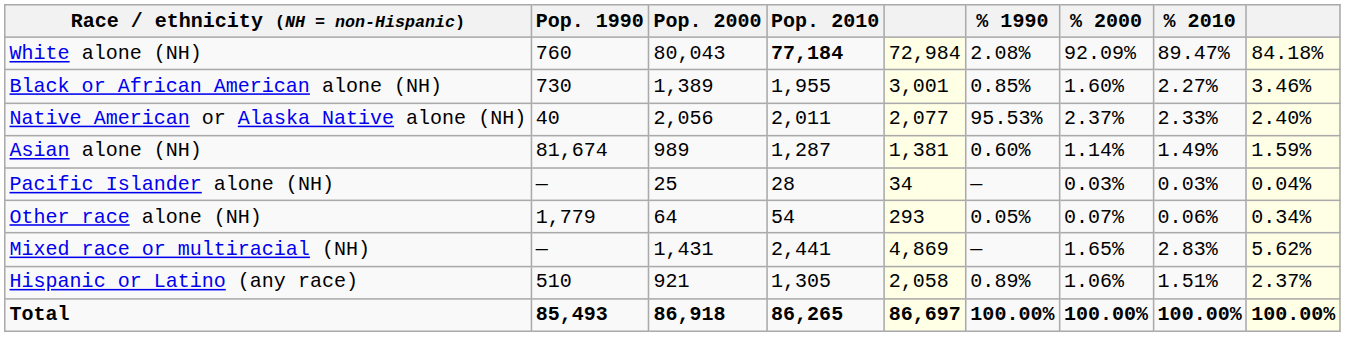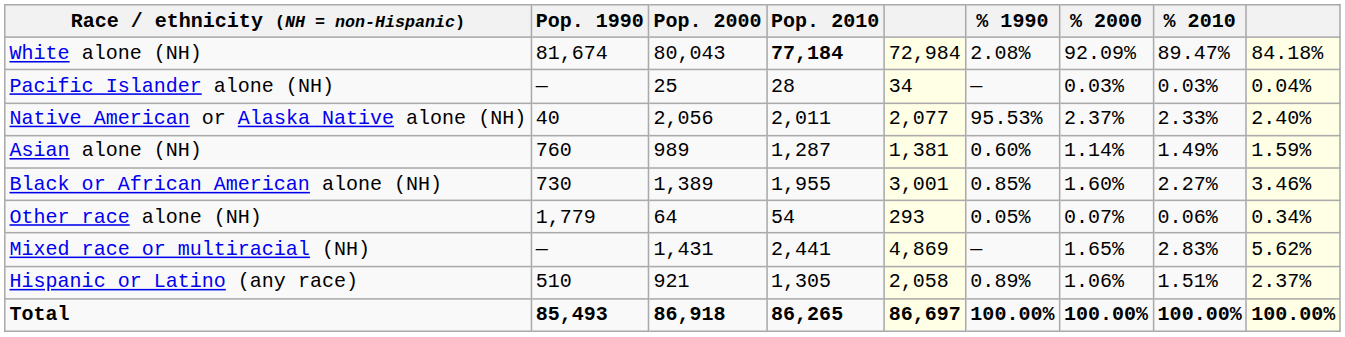 <table class="wikitable">
 <tr>
 <th>Race / ethnicity <small>(<em>NH = non-Hispanic</em>)</small></th>
 <th>Pop. 1990</th>
 <th>Pop. 2000</th>
 <th>Pop. 2010</th>
 <th></th>
 <th>% 1990</th>
 <th>% 2000</th>
 <th>% 2010</th>
 <th></th>
 </tr>
 <tr>
 <td><a href='#'>White</a> alone (NH)</td>
-<td>760</td>
+<td>81,674</td>
 <td>80,043</td>
 <td><strong>77,184</strong></td>
 <td style='background: #ffffe6;'>72,984</td>
 <td>2.08%</td>
 <td>92.09%</td>
 <td>89.47%</td>
 <td style='background: #ffffe6;'>84.18%</td>
 </tr>
 <tr>
-<td><a href='#'>Black or African American</a> alone (NH)</td>
-<td>730</td>
-<td>1,389</td>
-<td>1,955</td>
-<td style='background: #ffffe6;'>3,001</td>
-<td>0.85%</td>
-<td>1.60%</td>
-<td>2.27%</td>
-<td style='background: #ffffe6;'>3.46%</td>
+<td><a href='#'>Pacific Islander</a> alone (NH)</td>
+<td>—</td>
+<td>25</td>
+<td>28</td>
+<td style='background: #ffffe6;'>34</td>
+<td>—</td>
+<td>0.03%</td>
+<td>0.03%</td>
+<td style='background: #ffffe6;'>0.04%</td>
 </tr>
 <tr>
 <td><a href='#'>Native American</a> or <a href='#'>Alaska Native</a> alone (NH)</td>
 <td>40</td>
 <td>2,056</td>
 <td>2,011</td>
 <td style='background: #ffffe6;'>2,077</td>
 <td>95.53%</td>
 <td>2.37%</td>
 <td>2.33%</td>
 <td style='background: #ffffe6;'>2.40%</td>
 </tr>
 <tr>
 <td><a href='#'>Asian</a> alone (NH)</td>
-<td>81,674</td>
+<td>760</td>
 <td>989</td>
 <td>1,287</td>
 <td style='background: #ffffe6;'>1,381</td>
 <td>0.60%</td>
 <td>1.14%</td>
 <td>1.49%</td>
 <td style='background: #ffffe6;'>1.59%</td>
 </tr>
 <tr>
-<td><a href='#'>Pacific Islander</a> alone (NH)</td>
-<td>—</td>
-<td>25</td>
-<td>28</td>
-<td style='background: #ffffe6;'>34</td>
-<td>—</td>
-<td>0.03%</td>
-<td>0.03%</td>
-<td style='background: #ffffe6;'>0.04%</td>
+<td><a href='#'>Black or African American</a> alone (NH)</td>
+<td>730</td>
+<td>1,389</td>
+<td>1,955</td>
+<td style='background: #ffffe6;'>3,001</td>
+<td>0.85%</td>
+<td>1.60%</td>
+<td>2.27%</td>
+<td style='background: #ffffe6;'>3.46%</td>
 </tr>
 <tr>
 <td><a href='#'>Other race</a> alone (NH)</td>
 <td>1,779</td>
 <td>64</td>
 <td>54</td>
 <td style='background: #ffffe6;'>293</td>
 <td>0.05%</td>
 <td>0.07%</td>
 <td>0.06%</td>
 <td style='background: #ffffe6;'>0.34%</td>
 </tr>
 <tr>
 <td><a href='#'>Mixed race or multiracial</a> (NH)</td>
 <td>—</td>
 <td>1,431</td>
 <td>2,441</td>
 <td style='background: #ffffe6;'>4,869</td>
 <td>—</td>
 <td>1.65%</td>
 <td>2.83%</td>
 <td style='background: #ffffe6;'>5.62%</td>
 </tr>
 <tr>
 <td><a href='#'>Hispanic or Latino</a> (any race)</td>
 <td>510</td>
 <td>921</td>
 <td>1,305</td>
 <td style='background: #ffffe6;'>2,058</td>
 <td>0.89%</td>
 <td>1.06%</td>
 <td>1.51%</td>
 <td style='background: #ffffe6;'>2.37%</td>
 </tr>
 <tr>
 <td><strong>Total</strong></td>
 <td><strong>85,493</strong></td>
 <td><strong>86,918</strong></td>
 <td><strong>86,265</strong></td>
 <td style='background: #ffffe6;'><strong>86,697</strong></td>
 <td><strong>100.00%</strong></td>
 <td><strong>100.00%</strong></td>
 <td><strong>100.00%</strong></td>
 <td style='background: #ffffe6;'><strong>100.00%</strong></td>
 </tr>
 </table>
